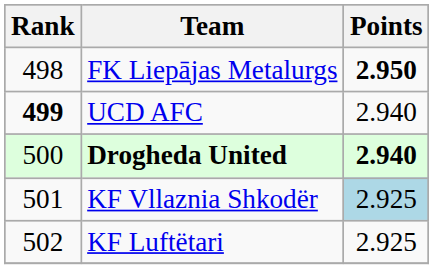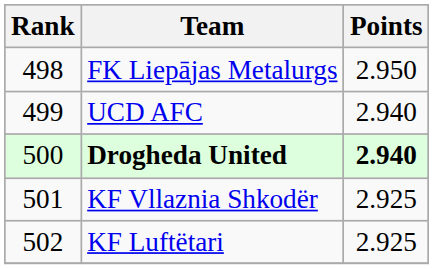 <table class="wikitable" style="text-align: center;">
 <tr>
 <th>Rank</th>
 <th>Team</th>
 <th>Points</th>
 </tr>
 <tr>
 <td>498</td>
 <td align="left"> <a href='#'>FK Liepājas Metalurgs</a></td>
-<td><strong>2.950</strong></td>
+<td>2.950</td>
 </tr>
 <tr>
-<td><strong>499</strong></td>
+<td>499</td>
 <td align="left"> <a href='#'>UCD AFC</a></td>
 <td>2.940</td>
 </tr>
 <tr bgcolor="#ddffdd">
 <td>500</td>
 <td align="left"> <strong>Drogheda United</strong></td>
 <td><strong>2.940</strong></td>
 </tr>
 <tr>
 <td>501</td>
 <td align="left"> <a href='#'>KF Vllaznia Shkodër</a></td>
-<td style="background: lightblue;">2.925</td>
+<td>2.925</td>
 </tr>
 <tr>
 <td>502</td>
 <td align="left"> <a href='#'>KF Luftëtari</a></td>
 <td>2.925</td>
 </tr>
 <tr>
 </tr>
 </table>
